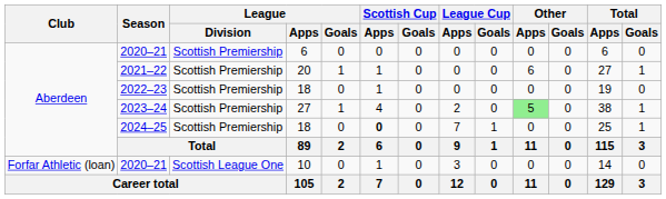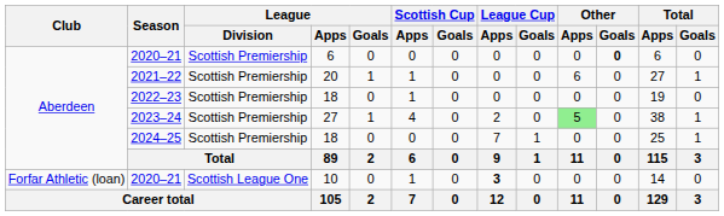 <table class="wikitable" style="text-align: center;">
 <tr>
 <th rowspan="2">Club</th>
 <th rowspan="2">Season</th>
 <th colspan="3">League</th>
 <th colspan="2"><a href='#'>Scottish Cup</a></th>
 <th colspan="2"><a href='#'>League Cup</a></th>
 <th colspan="2">Other</th>
 <th colspan="2">Total</th>
 </tr>
 <tr>
 <th>Division</th>
 <th>Apps</th>
 <th>Goals</th>
 <th>Apps</th>
 <th>Goals</th>
 <th>Apps</th>
 <th>Goals</th>
 <th>Apps</th>
 <th>Goals</th>
 <th>Apps</th>
 <th>Goals</th>
 </tr>
 <tr>
 <td rowspan="6"><a href='#'>Aberdeen</a></td>
 <td><a href='#'>2020–21</a></td>
 <td><a href='#'>Scottish Premiership</a></td>
 <td>6</td>
 <td>0</td>
 <td>0</td>
 <td>0</td>
 <td>0</td>
 <td>0</td>
 <td>0</td>
-<td>0</td>
+<td><strong>0</strong></td>
 <td>6</td>
 <td>0</td>
 </tr>
 <tr>
 <td><a href='#'>2021–22</a></td>
 <td>Scottish Premiership</td>
 <td>20</td>
 <td>1</td>
 <td>1</td>
 <td>0</td>
 <td>0</td>
 <td>0</td>
 <td>6</td>
 <td>0</td>
 <td>27</td>
 <td>1</td>
 </tr>
 <tr>
 <td><a href='#'>2022–23</a></td>
 <td>Scottish Premiership</td>
 <td>18</td>
 <td 1>0</td>
 <td>1</td>
 <td>0</td>
 <td>0</td>
 <td>0</td>
 <td>0</td>
 <td>0</td>
 <td>19</td>
 <td>0</td>
 </tr>
 <tr>
 <td><a href='#'>2023–24</a></td>
 <td>Scottish Premiership</td>
 <td>27</td>
 <td>1</td>
 <td>4</td>
 <td>0</td>
 <td>2</td>
 <td>0</td>
 <td style="background: lightgreen;">5</td>
 <td>0</td>
 <td>38</td>
 <td>1</td>
 </tr>
 <tr>
 <td><a href='#'>2024–25</a></td>
 <td>Scottish Premiership</td>
 <td>18</td>
 <td>0</td>
-<td><strong>0</strong></td>
+<td>0</td>
 <td>0</td>
 <td>7</td>
 <td>1</td>
 <td>0</td>
 <td>0</td>
 <td>25</td>
 <td>1</td>
 </tr>
 <tr>
 <th colspan="2">Total</th>
 <th>89</th>
 <th>2</th>
 <th>6</th>
 <th>0</th>
 <th>9</th>
 <th>1</th>
 <th>11</th>
 <th>0</th>
 <th>115</th>
 <th>3</th>
 </tr>
 <tr>
 <td><a href='#'>Forfar Athletic</a> (loan)</td>
 <td><a href='#'>2020–21</a></td>
 <td><a href='#'>Scottish League One</a></td>
 <td>10</td>
 <td>0</td>
 <td>1</td>
 <td>0</td>
-<td>3</td>
+<td><strong>3</strong></td>
 <td>0</td>
 <td>0</td>
 <td>0</td>
 <td>14</td>
 <td>0</td>
 </tr>
 <tr>
 <th colspan="3">Career total</th>
 <th>105</th>
 <th>2</th>
 <th>7</th>
 <th>0</th>
 <th>12</th>
 <th>0</th>
 <th>11</th>
 <th>0</th>
 <th>129</th>
 <th>3</th>
 </tr>
 </table>
